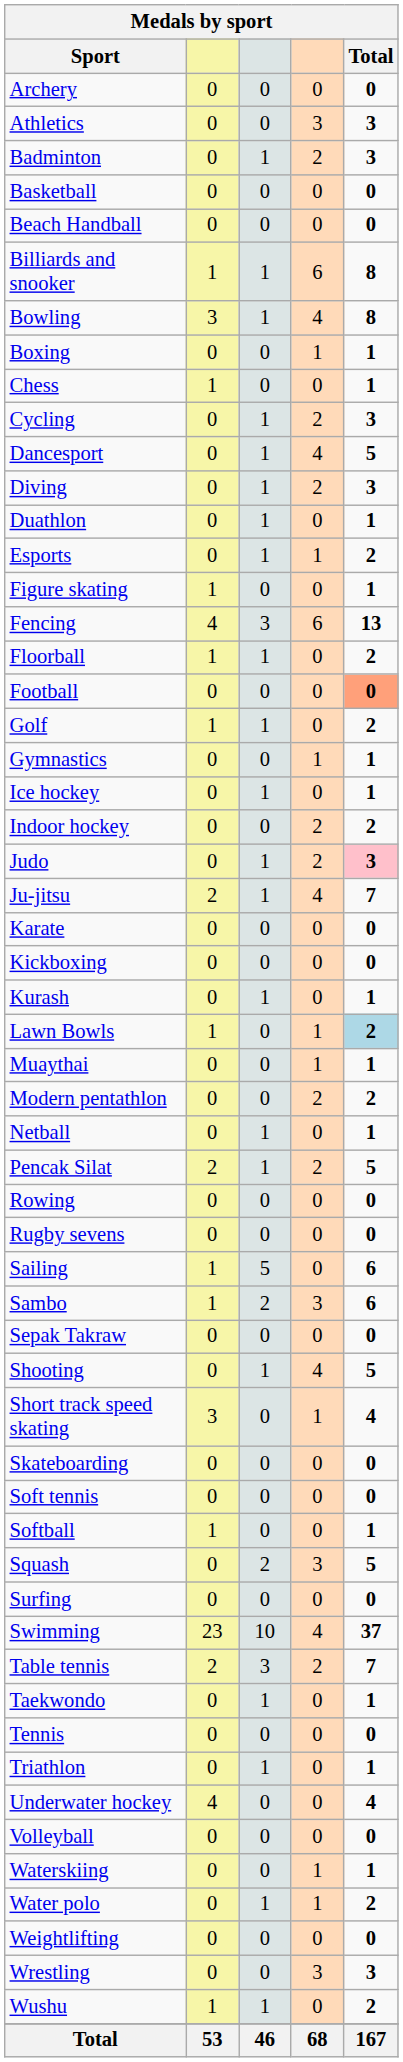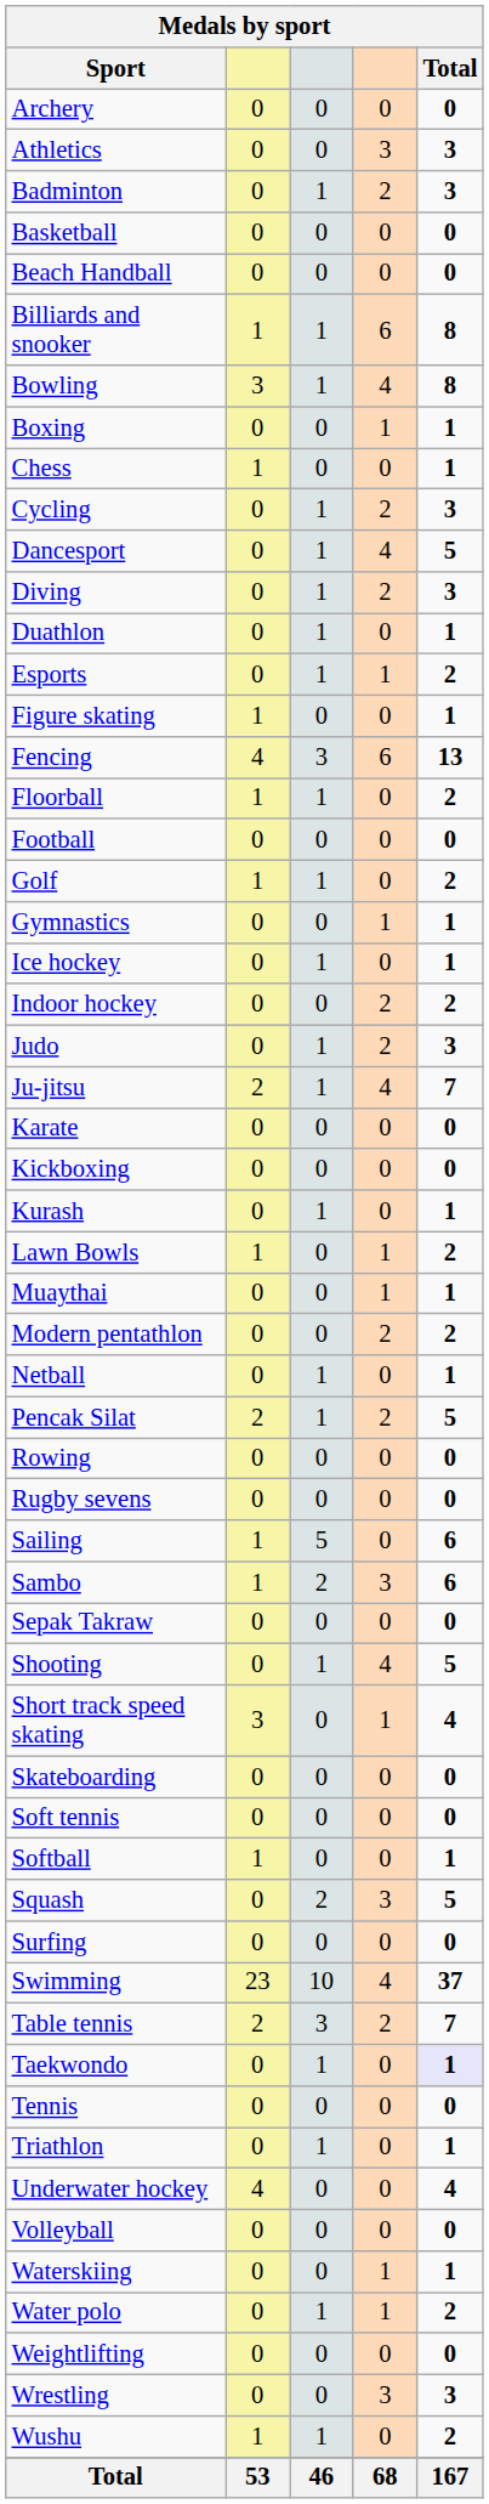 <table class="wikitable sortable" style="font-size:90%; text-align:center;">
 <tr>
 <th colspan=5>Medals by sport</th>
 </tr>
 <tr>
 <th width=120>Sport</th>
 <th scope="col" width=30 style="background:#F7F6A8;"></th>
 <th scope="col" width=30 style="background:#DCE5E5;"></th>
 <th scope="col" width=30 style="background:#FFDAB9;"></th>
 <th width=30>Total</th>
 </tr>
 <tr>
 <td align=left><a href='#'>Archery</a></td>
 <td style="background:#F7F6A8;">0</td>
 <td style="background:#DCE5E5;">0</td>
 <td style="background:#FFDAB9;">0</td>
 <td><strong>0</strong></td>
 </tr>
 <tr>
 <td align=left><a href='#'>Athletics</a></td>
 <td style="background:#F7F6A8;">0</td>
 <td style="background:#DCE5E5;">0</td>
 <td style="background:#FFDAB9;">3</td>
 <td><strong>3</strong></td>
 </tr>
 <tr>
 <td align=left><a href='#'>Badminton</a></td>
 <td style="background:#F7F6A8;">0</td>
 <td style="background:#DCE5E5;">1</td>
 <td style="background:#FFDAB9;">2</td>
 <td><strong>3</strong></td>
 </tr>
 <tr>
 <td align=left><a href='#'>Basketball</a></td>
 <td style="background:#F7F6A8;">0</td>
 <td style="background:#DCE5E5;">0</td>
 <td style="background:#FFDAB9;">0</td>
 <td><strong>0</strong></td>
 </tr>
 <tr>
 <td align=left><a href='#'>Beach Handball</a></td>
 <td style="background:#F7F6A8;">0</td>
 <td style="background:#DCE5E5;">0</td>
 <td style="background:#FFDAB9;">0</td>
 <td><strong>0</strong></td>
 </tr>
 <tr>
 <td align=left><a href='#'>Billiards and snooker</a></td>
 <td style="background:#F7F6A8;">1</td>
 <td style="background:#DCE5E5;">1</td>
 <td style="background:#FFDAB9;">6</td>
 <td><strong>8</strong></td>
 </tr>
 <tr>
 <td align=left><a href='#'>Bowling</a></td>
 <td style="background:#F7F6A8;">3</td>
 <td style="background:#DCE5E5;">1</td>
 <td style="background:#FFDAB9;">4</td>
 <td><strong>8</strong></td>
 </tr>
 <tr>
 <td align=left><a href='#'>Boxing</a></td>
 <td style="background:#F7F6A8;">0</td>
 <td style="background:#DCE5E5;">0</td>
 <td style="background:#FFDAB9;">1</td>
 <td><strong>1</strong></td>
 </tr>
 <tr>
 <td align=left><a href='#'>Chess</a></td>
 <td style="background:#F7F6A8;">1</td>
 <td style="background:#DCE5E5;">0</td>
 <td style="background:#FFDAB9;">0</td>
 <td><strong>1</strong></td>
 </tr>
 <tr>
 <td align=left><a href='#'>Cycling</a></td>
 <td style="background:#F7F6A8;">0</td>
 <td style="background:#DCE5E5;">1</td>
 <td style="background:#FFDAB9;">2</td>
 <td><strong>3</strong></td>
 </tr>
 <tr>
 <td align=left><a href='#'>Dancesport</a></td>
 <td style="background:#F7F6A8;">0</td>
 <td style="background:#DCE5E5;">1</td>
 <td style="background:#FFDAB9;">4</td>
 <td><strong>5</strong></td>
 </tr>
 <tr>
 <td align=left><a href='#'>Diving</a></td>
 <td style="background:#F7F6A8;">0</td>
 <td style="background:#DCE5E5;">1</td>
 <td style="background:#FFDAB9;">2</td>
 <td><strong>3</strong></td>
 </tr>
 <tr>
 <td align=left><a href='#'>Duathlon</a></td>
 <td style="background:#F7F6A8;">0</td>
 <td style="background:#DCE5E5;">1</td>
 <td style="background:#FFDAB9;">0</td>
 <td><strong>1</strong></td>
 </tr>
 <tr>
 <td align=left><a href='#'>Esports</a></td>
 <td style="background:#F7F6A8;">0</td>
 <td style="background:#DCE5E5;">1</td>
 <td style="background:#FFDAB9;">1</td>
 <td><strong>2</strong></td>
 </tr>
 <tr>
 <td align=left><a href='#'>Figure skating</a></td>
 <td style="background:#F7F6A8;">1</td>
 <td style="background:#DCE5E5;">0</td>
 <td style="background:#FFDAB9;">0</td>
 <td><strong>1</strong></td>
 </tr>
 <tr>
 <td align=left><a href='#'>Fencing</a></td>
 <td style="background:#F7F6A8;">4</td>
 <td style="background:#DCE5E5;">3</td>
 <td style="background:#FFDAB9;">6</td>
 <td><strong>13</strong></td>
 </tr>
 <tr>
 <td align=left><a href='#'>Floorball</a></td>
 <td style="background:#F7F6A8;">1</td>
 <td style="background:#DCE5E5;">1</td>
 <td style="background:#FFDAB9;">0</td>
 <td><strong>2</strong></td>
 </tr>
 <tr>
 <td align=left><a href='#'>Football</a></td>
 <td style="background:#F7F6A8;">0</td>
 <td style="background:#DCE5E5;">0</td>
 <td style="background:#FFDAB9;">0</td>
-<td style="background: lightsalmon;"><strong>0</strong></td>
+<td><strong>0</strong></td>
 </tr>
 <tr>
 <td align=left><a href='#'>Golf</a></td>
 <td style="background:#F7F6A8;">1</td>
 <td style="background:#DCE5E5;">1</td>
 <td style="background:#FFDAB9;">0</td>
 <td><strong>2</strong></td>
 </tr>
 <tr>
 <td align=left><a href='#'>Gymnastics</a></td>
 <td style="background:#F7F6A8;">0</td>
 <td style="background:#DCE5E5;">0</td>
 <td style="background:#FFDAB9;">1</td>
 <td><strong>1</strong></td>
 </tr>
 <tr>
 <td align=left><a href='#'>Ice hockey</a></td>
 <td style="background:#F7F6A8;">0</td>
 <td style="background:#DCE5E5;">1</td>
 <td style="background:#FFDAB9;">0</td>
 <td><strong>1</strong></td>
 </tr>
 <tr>
 <td align=left><a href='#'>Indoor hockey</a></td>
 <td style="background:#F7F6A8;">0</td>
 <td style="background:#DCE5E5;">0</td>
 <td style="background:#FFDAB9;">2</td>
 <td><strong>2</strong></td>
 </tr>
 <tr>
 <td align=left><a href='#'>Judo</a></td>
 <td style="background:#F7F6A8;">0</td>
 <td style="background:#DCE5E5;">1</td>
 <td style="background:#FFDAB9;">2</td>
-<td style="background: pink;"><strong>3</strong></td>
+<td><strong>3</strong></td>
 </tr>
 <tr>
 <td align=left><a href='#'>Ju-jitsu</a></td>
 <td style="background:#F7F6A8;">2</td>
 <td style="background:#DCE5E5;">1</td>
 <td style="background:#FFDAB9;">4</td>
 <td><strong>7</strong></td>
 </tr>
 <tr>
 <td align=left><a href='#'>Karate</a></td>
 <td style="background:#F7F6A8;">0</td>
 <td style="background:#DCE5E5;">0</td>
 <td style="background:#FFDAB9;">0</td>
 <td><strong>0</strong></td>
 </tr>
 <tr>
 <td align=left><a href='#'>Kickboxing</a></td>
 <td style="background:#F7F6A8;">0</td>
 <td style="background:#DCE5E5;">0</td>
 <td style="background:#FFDAB9;">0</td>
 <td><strong>0</strong></td>
 </tr>
 <tr>
 <td align=left><a href='#'>Kurash</a></td>
 <td style="background:#F7F6A8;">0</td>
 <td style="background:#DCE5E5;">1</td>
 <td style="background:#FFDAB9;">0</td>
 <td><strong>1</strong></td>
 </tr>
 <tr>
 <td align=left><a href='#'>Lawn Bowls</a></td>
 <td style="background:#F7F6A8;">1</td>
 <td style="background:#DCE5E5;">0</td>
 <td style="background:#FFDAB9;">1</td>
-<td style="background: lightblue;"><strong>2</strong></td>
+<td><strong>2</strong></td>
 </tr>
 <tr>
 <td align=left><a href='#'>Muaythai</a></td>
 <td style="background:#F7F6A8;">0</td>
 <td style="background:#DCE5E5;">0</td>
 <td style="background:#FFDAB9;">1</td>
 <td><strong>1</strong></td>
 </tr>
 <tr>
 <td align=left><a href='#'>Modern pentathlon</a></td>
 <td style="background:#F7F6A8;">0</td>
 <td style="background:#DCE5E5;">0</td>
 <td style="background:#FFDAB9;">2</td>
 <td><strong>2</strong></td>
 </tr>
 <tr>
 <td align=left><a href='#'>Netball</a></td>
 <td style="background:#F7F6A8;">0</td>
 <td style="background:#DCE5E5;">1</td>
 <td style="background:#FFDAB9;">0</td>
 <td><strong>1</strong></td>
 </tr>
 <tr>
 <td align=left><a href='#'>Pencak Silat</a></td>
 <td style="background:#F7F6A8;">2</td>
 <td style="background:#DCE5E5;">1</td>
 <td style="background:#FFDAB9;">2</td>
 <td><strong>5</strong></td>
 </tr>
 <tr>
 <td align=left><a href='#'>Rowing</a></td>
 <td style="background:#F7F6A8;">0</td>
 <td style="background:#DCE5E5;">0</td>
 <td style="background:#FFDAB9;">0</td>
 <td><strong>0</strong></td>
 </tr>
 <tr>
 <td align=left><a href='#'>Rugby sevens</a></td>
 <td style="background:#F7F6A8;">0</td>
 <td style="background:#DCE5E5;">0</td>
 <td style="background:#FFDAB9;">0</td>
 <td><strong>0</strong></td>
 </tr>
 <tr>
 <td align=left><a href='#'>Sailing</a></td>
 <td style="background:#F7F6A8;">1</td>
 <td style="background:#DCE5E5;">5</td>
 <td style="background:#FFDAB9;">0</td>
 <td><strong>6</strong></td>
 </tr>
 <tr>
 <td align=left><a href='#'>Sambo</a></td>
 <td style="background:#F7F6A8;">1</td>
 <td style="background:#DCE5E5;">2</td>
 <td style="background:#FFDAB9;">3</td>
 <td><strong>6</strong></td>
 </tr>
 <tr>
 <td align=left><a href='#'>Sepak Takraw</a></td>
 <td style="background:#F7F6A8;">0</td>
 <td style="background:#DCE5E5;">0</td>
 <td style="background:#FFDAB9;">0</td>
 <td><strong>0</strong></td>
 </tr>
 <tr>
 <td align=left><a href='#'>Shooting</a></td>
 <td style="background:#F7F6A8;">0</td>
 <td style="background:#DCE5E5;">1</td>
 <td style="background:#FFDAB9;">4</td>
 <td><strong>5</strong></td>
 </tr>
 <tr>
 <td align=left><a href='#'>Short track speed skating</a></td>
 <td style="background:#F7F6A8;">3</td>
 <td style="background:#DCE5E5;">0</td>
 <td style="background:#FFDAB9;">1</td>
 <td><strong>4</strong></td>
 </tr>
 <tr>
 <td align=left><a href='#'>Skateboarding</a></td>
 <td style="background:#F7F6A8;">0</td>
 <td style="background:#DCE5E5;">0</td>
 <td style="background:#FFDAB9;">0</td>
 <td><strong>0</strong></td>
 </tr>
 <tr>
 <td align=left><a href='#'>Soft tennis</a></td>
 <td style="background:#F7F6A8;">0</td>
 <td style="background:#DCE5E5;">0</td>
 <td style="background:#FFDAB9;">0</td>
 <td><strong>0</strong></td>
 </tr>
 <tr>
 <td align=left><a href='#'>Softball</a></td>
 <td style="background:#F7F6A8;">1</td>
 <td style="background:#DCE5E5;">0</td>
 <td style="background:#FFDAB9;">0</td>
 <td><strong>1</strong></td>
 </tr>
 <tr>
 <td align=left><a href='#'>Squash</a></td>
 <td style="background:#F7F6A8;">0</td>
 <td style="background:#DCE5E5;">2</td>
 <td style="background:#FFDAB9;">3</td>
 <td><strong>5</strong></td>
 </tr>
 <tr>
 <td align=left><a href='#'>Surfing</a></td>
 <td style="background:#F7F6A8;">0</td>
 <td style="background:#DCE5E5;">0</td>
 <td style="background:#FFDAB9;">0</td>
 <td><strong>0</strong></td>
 </tr>
 <tr>
 <td align=left><a href='#'>Swimming</a></td>
 <td style="background:#F7F6A8;">23</td>
 <td style="background:#DCE5E5;">10</td>
 <td style="background:#FFDAB9;">4</td>
 <td><strong>37</strong></td>
 </tr>
 <tr>
 <td align=left><a href='#'>Table tennis</a></td>
 <td style="background:#F7F6A8;">2</td>
 <td style="background:#DCE5E5;">3</td>
 <td style="background:#FFDAB9;">2</td>
 <td><strong>7</strong></td>
 </tr>
 <tr>
 <td align=left><a href='#'>Taekwondo</a></td>
 <td style="background:#F7F6A8;">0</td>
 <td style="background:#DCE5E5;">1</td>
 <td style="background:#FFDAB9;">0</td>
-<td><strong>1</strong></td>
+<td style="background: lavender;"><strong>1</strong></td>
 </tr>
 <tr>
 <td align=left><a href='#'>Tennis</a></td>
 <td style="background:#F7F6A8;">0</td>
 <td style="background:#DCE5E5;">0</td>
 <td style="background:#FFDAB9;">0</td>
 <td><strong>0</strong></td>
 </tr>
 <tr>
 <td align=left><a href='#'>Triathlon</a></td>
 <td style="background:#F7F6A8;">0</td>
 <td style="background:#DCE5E5;">1</td>
 <td style="background:#FFDAB9;">0</td>
 <td><strong>1</strong></td>
 </tr>
 <tr>
 <td align=left><a href='#'>Underwater hockey</a></td>
 <td style="background:#F7F6A8;">4</td>
 <td style="background:#DCE5E5;">0</td>
 <td style="background:#FFDAB9;">0</td>
 <td><strong>4</strong></td>
 </tr>
 <tr>
 <td align=left><a href='#'>Volleyball</a></td>
 <td style="background:#F7F6A8;">0</td>
 <td style="background:#DCE5E5;">0</td>
 <td style="background:#FFDAB9;">0</td>
 <td><strong>0</strong></td>
 </tr>
 <tr>
 <td align=left><a href='#'>Waterskiing</a></td>
 <td style="background:#F7F6A8;">0</td>
 <td style="background:#DCE5E5;">0</td>
 <td style="background:#FFDAB9;">1</td>
 <td><strong>1</strong></td>
 </tr>
 <tr>
 <td align=left><a href='#'>Water polo</a></td>
 <td style="background:#F7F6A8;">0</td>
 <td style="background:#DCE5E5;">1</td>
 <td style="background:#FFDAB9;">1</td>
 <td><strong>2</strong></td>
 </tr>
 <tr>
 <td align=left><a href='#'>Weightlifting</a></td>
 <td style="background:#F7F6A8;">0</td>
 <td style="background:#DCE5E5;">0</td>
 <td style="background:#FFDAB9;">0</td>
 <td><strong>0</strong></td>
 </tr>
 <tr>
 <td align=left><a href='#'>Wrestling</a></td>
 <td style="background:#F7F6A8;">0</td>
 <td style="background:#DCE5E5;">0</td>
 <td style="background:#FFDAB9;">3</td>
 <td><strong>3</strong></td>
 </tr>
 <tr>
 <td align=left><a href='#'>Wushu</a></td>
 <td style="background:#F7F6A8;">1</td>
 <td style="background:#DCE5E5;">1</td>
 <td style="background:#FFDAB9;">0</td>
 <td><strong>2</strong></td>
 </tr>
 <tr>
 </tr>
 <tr class="sortbottom">
 <th>Total</th>
 <th>53</th>
 <th>46</th>
 <th>68</th>
 <th>167</th>
 </tr>
 </table>
